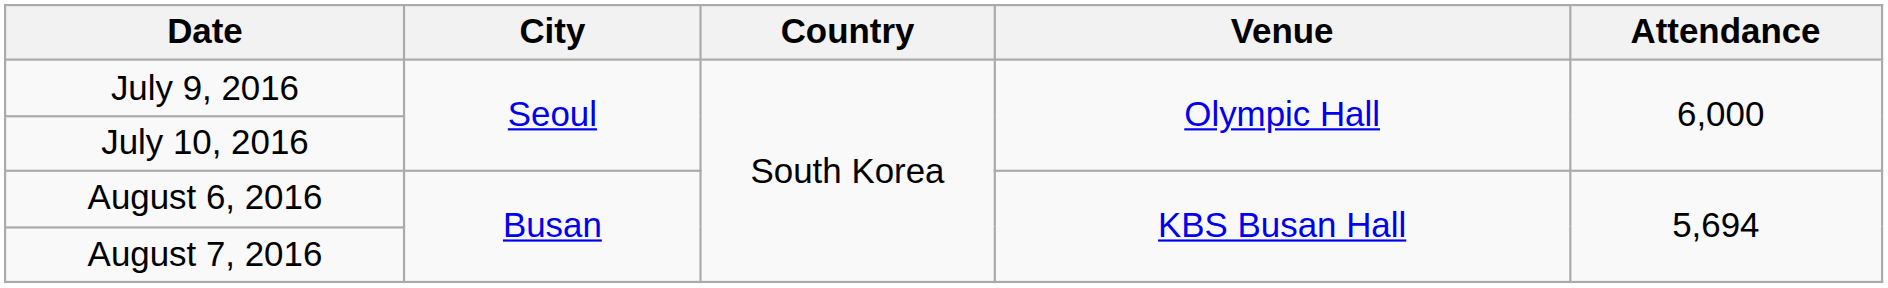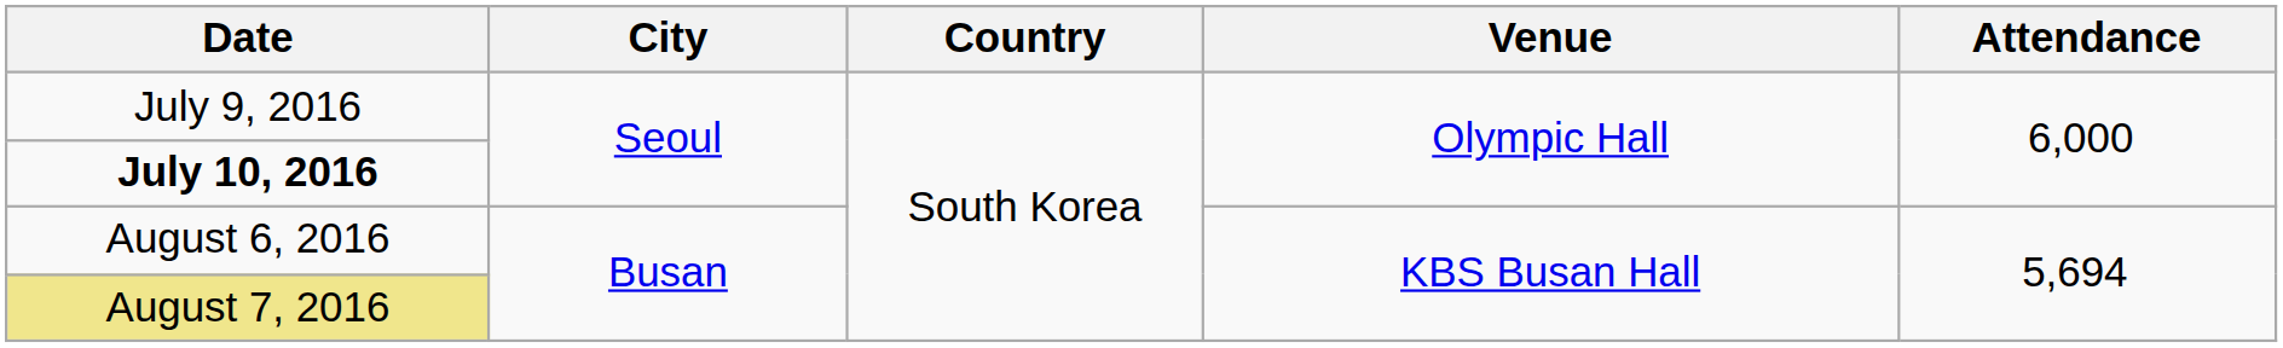 <table class="wikitable" style="text-align:center;">
 <tr>
 <th scope="col" style="width:11em;">Date</th>
 <th scope="col" style="width:8em;">City</th>
 <th scope="col" style="width:8em;">Country</th>
 <th scope="col" style="width:16em;">Venue</th>
 <th scope="col" style="width:8.5em;">Attendance</th>
 </tr>
 <tr>
 <td>July 9, 2016</td>
 <td rowspan="2"><a href='#'>Seoul</a></td>
 <td rowspan="4">South Korea</td>
 <td rowspan="2"><a href='#'>Olympic Hall</a></td>
 <td rowspan="2">6,000 </td>
 </tr>
 <tr>
-<td>July 10, 2016</td>
+<td><strong>July 10, 2016</strong></td>
 </tr>
 <tr>
 <td>August 6, 2016</td>
 <td rowspan="2"><a href='#'>Busan</a></td>
 <td rowspan="2"><a href='#'>KBS Busan Hall</a></td>
 <td rowspan="2">5,694  </td>
 </tr>
 <tr>
-<td>August 7, 2016</td>
+<td style="background: khaki;">August 7, 2016</td>
 </tr>
 </table>
